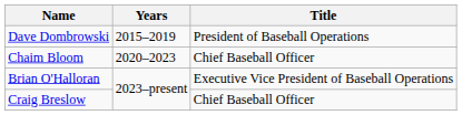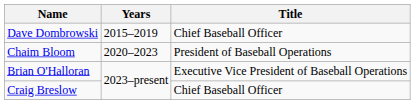 <table class="wikitable">
 <tr>
 <th>Name</th>
 <th>Years</th>
 <th>Title</th>
 </tr>
 <tr>
 <td><a href='#'>Dave Dombrowski</a></td>
 <td>2015–2019</td>
-<td>President of Baseball Operations</td>
+<td>Chief Baseball Officer</td>
 </tr>
 <tr>
 <td><a href='#'>Chaim Bloom</a></td>
 <td>2020–2023</td>
-<td>Chief Baseball Officer</td>
+<td>President of Baseball Operations</td>
 </tr>
 <tr>
 <td><a href='#'>Brian O'Halloran</a></td>
 <td rowspan="2">2023–present</td>
 <td>Executive Vice President of Baseball Operations</td>
 </tr>
 <tr>
 <td><a href='#'>Craig Breslow</a></td>
 <td>Chief Baseball Officer</td>
 </tr>
 </table>
